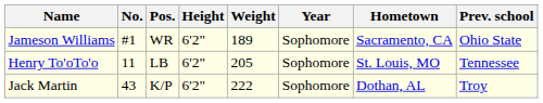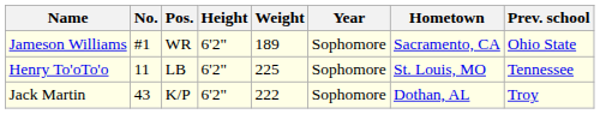 <table class="wikitable sortable">
 <tr>
 <th>Name</th>
 <th>No.</th>
 <th>Pos.</th>
 <th>Height</th>
 <th>Weight</th>
 <th>Year</th>
 <th>Hometown</th>
 <th class="unsortable">Prev. school</th>
 </tr>
 <tr style="background:#FFFFE6;">
 <td><a href='#'>Jameson Williams</a></td>
 <td>#1</td>
 <td>WR</td>
 <td>6'2"</td>
 <td>189</td>
 <td>Sophomore</td>
 <td><a href='#'>Sacramento, CA</a></td>
 <td><a href='#'>Ohio State</a></td>
 </tr>
 <tr style="background:#FFFFE6;">
 <td><a href='#'>Henry To'oTo'o</a></td>
 <td>11</td>
 <td>LB</td>
 <td>6'2"</td>
-<td>205</td>
+<td>225</td>
 <td>Sophomore</td>
 <td><a href='#'>St. Louis, MO</a></td>
 <td><a href='#'>Tennessee</a></td>
 </tr>
 <tr style="background:#FFFFE6;">
 <td>Jack Martin</td>
 <td>43</td>
 <td>K/P</td>
 <td>6'2"</td>
 <td>222</td>
 <td>Sophomore</td>
 <td><a href='#'>Dothan, AL</a></td>
 <td><a href='#'>Troy</a></td>
 </tr>
 </table>
